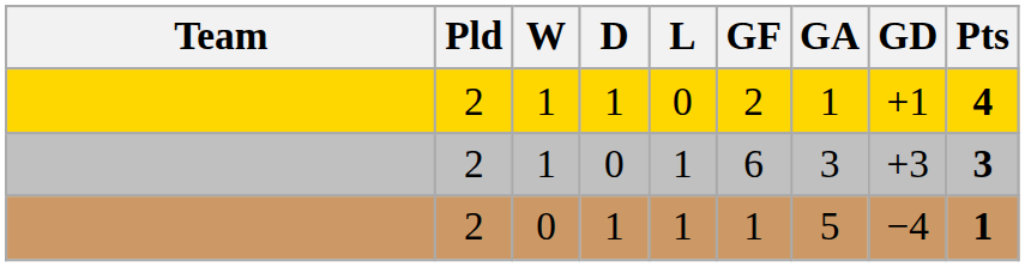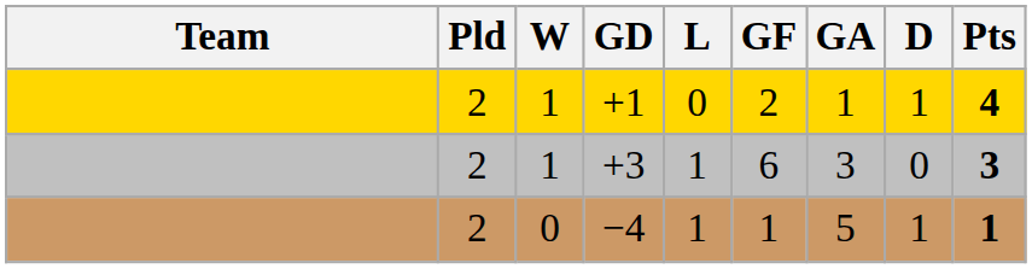 <table class="wikitable" style="text-align:center;">
 <tr>
 <th width=165>Team</th>
 <th width=20>Pld</th>
 <th width=20>W</th>
-<th width=20>D</th>
+<th width=20>GD</th>
 <th width=20>L</th>
 <th width=20>GF</th>
 <th width=20>GA</th>
-<th width=20>GD</th>
+<th width=20>D</th>
 <th width=20>Pts</th>
 </tr>
 <tr bgcolor=gold>
 <td align="left"></td>
 <td>2</td>
 <td>1</td>
-<td>1</td>
+<td>+1</td>
 <td>0</td>
 <td>2</td>
 <td>1</td>
-<td>+1</td>
+<td>1</td>
 <td><strong>4</strong></td>
 </tr>
 <tr bgcolor=silver>
 <td align="left"></td>
 <td>2</td>
 <td>1</td>
-<td>0</td>
+<td>+3</td>
 <td>1</td>
 <td>6</td>
 <td>3</td>
-<td>+3</td>
+<td>0</td>
 <td><strong>3</strong></td>
 </tr>
 <tr bgcolor=#cc9966>
 <td align="left"></td>
 <td>2</td>
 <td>0</td>
-<td>1</td>
+<td>−4</td>
 <td>1</td>
 <td>1</td>
 <td>5</td>
-<td>−4</td>
+<td>1</td>
 <td><strong>1</strong></td>
 </tr>
 </table>
